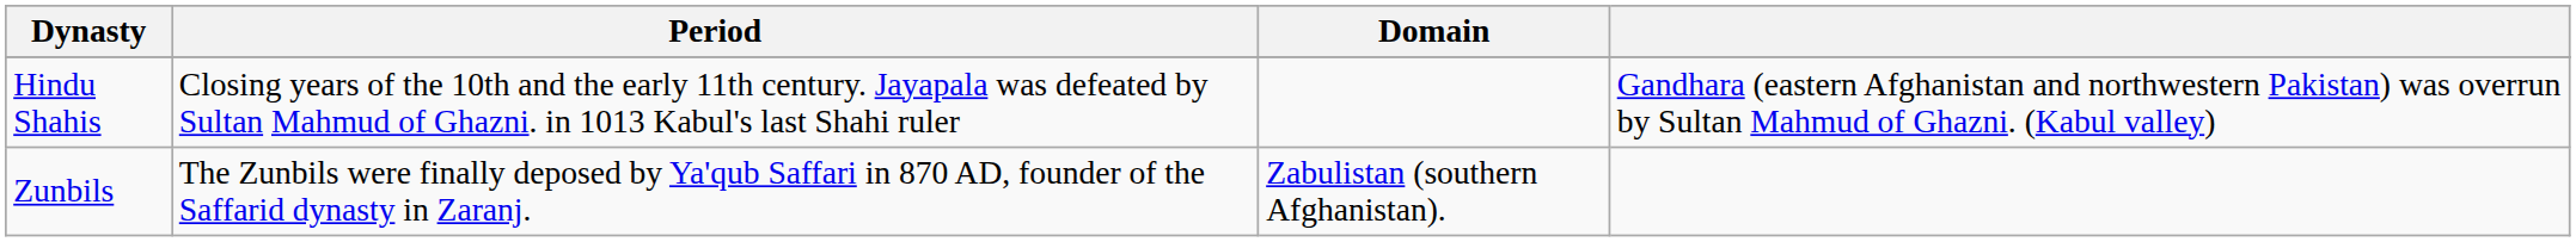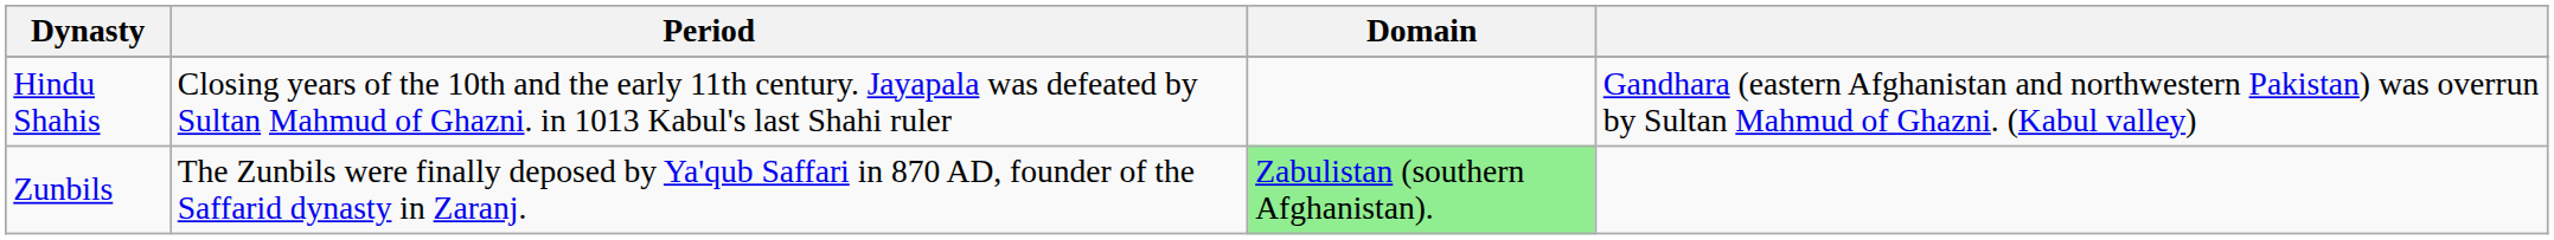 <table class="wikitable">
 <tr>
 <th>Dynasty</th>
 <th>Period</th>
 <th>Domain</th>
 <th></th>
 </tr>
 <tr>
 </tr>
 <tr>
 <td><a href='#'>Hindu Shahis</a></td>
 <td>Closing years of the 10th and the early 11th century. <a href='#'>Jayapala</a> was defeated by <a href='#'>Sultan</a> <a href='#'>Mahmud of Ghazni</a>. in 1013 Kabul's last Shahi ruler </td>
 <td></td>
 <td><a href='#'>Gandhara</a> (eastern Afghanistan and northwestern <a href='#'>Pakistan</a>) was overrun by Sultan <a href='#'>Mahmud of Ghazni</a>. (<a href='#'>Kabul valley</a>)</td>
 </tr>
 <tr>
 <td><a href='#'>Zunbils</a></td>
 <td>The Zunbils were finally deposed by <a href='#'>Ya'qub Saffari</a> in 870 AD, founder of the <a href='#'>Saffarid dynasty</a> in <a href='#'>Zaranj</a>.</td>
-<td><a href='#'>Zabulistan</a> (southern Afghanistan).</td>
+<td style="background: lightgreen;"><a href='#'>Zabulistan</a> (southern Afghanistan).</td>
 </tr>
 </table>
